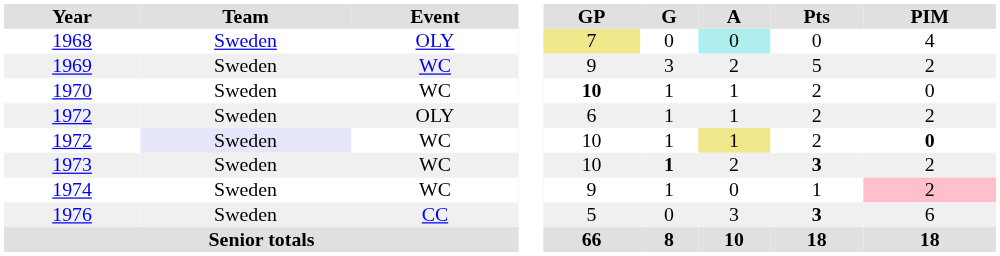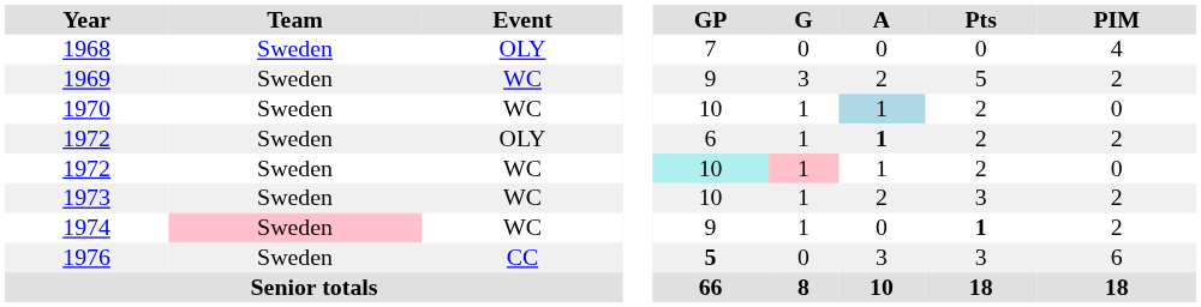 <table border="0" cellpadding="1" cellspacing="0" style="text-align:center; width:50em">
 <tr style="text-align:center; background:#e0e0e0;">
 <th>Year</th>
 <th>Team</th>
 <th>Event</th>
 <th rowspan="99" style="background:#fff;"> </th>
 <th>GP</th>
 <th>G</th>
 <th>A</th>
 <th>Pts</th>
 <th>PIM</th>
 </tr>
 <tr>
 <td><a href='#'>1968</a></td>
 <td><a href='#'>Sweden</a></td>
 <td><a href='#'>OLY</a></td>
-<td style="background: khaki;">7</td>
+<td>7</td>
 <td>0</td>
-<td style="background: paleturquoise;">0</td>
+<td>0</td>
 <td>0</td>
 <td>4</td>
 </tr>
 <tr style="background:#f0f0f0;">
 <td><a href='#'>1969</a></td>
 <td>Sweden</td>
 <td><a href='#'>WC</a></td>
 <td>9</td>
 <td>3</td>
 <td>2</td>
 <td>5</td>
 <td>2</td>
 </tr>
 <tr>
 <td><a href='#'>1970</a></td>
 <td>Sweden</td>
 <td>WC</td>
-<td><strong>10</strong></td>
+<td>10</td>
 <td>1</td>
-<td>1</td>
+<td style="background: lightblue;">1</td>
 <td>2</td>
 <td>0</td>
 </tr>
 <tr style="background:#f0f0f0;">
 <td><a href='#'>1972</a></td>
 <td>Sweden</td>
 <td>OLY</td>
 <td>6</td>
 <td>1</td>
-<td>1</td>
+<td><strong>1</strong></td>
 <td>2</td>
 <td>2</td>
 </tr>
 <tr>
 <td><a href='#'>1972</a></td>
-<td style="background: lavender;">Sweden</td>
+<td>Sweden</td>
 <td>WC</td>
-<td>10</td>
+<td style="background: paleturquoise;">10</td>
+<td style="background: pink;">1</td>
 <td>1</td>
-<td style="background: khaki;">1</td>
 <td>2</td>
-<td><strong>0</strong></td>
+<td>0</td>
 </tr>
 <tr style="background:#f0f0f0;">
 <td><a href='#'>1973</a></td>
 <td>Sweden</td>
 <td>WC</td>
 <td>10</td>
-<td><strong>1</strong></td>
+<td>1</td>
 <td>2</td>
-<td><strong>3</strong></td>
+<td>3</td>
 <td>2</td>
 </tr>
 <tr>
 <td><a href='#'>1974</a></td>
-<td>Sweden</td>
+<td style="background: pink;">Sweden</td>
 <td>WC</td>
 <td>9</td>
 <td>1</td>
 <td>0</td>
-<td>1</td>
-<td style="background: pink;">2</td>
+<td><strong>1</strong></td>
+<td>2</td>
 </tr>
 <tr style="background:#f0f0f0;">
 <td><a href='#'>1976</a></td>
 <td>Sweden</td>
 <td><a href='#'>CC</a></td>
-<td>5</td>
+<td><strong>5</strong></td>
 <td>0</td>
 <td>3</td>
-<td><strong>3</strong></td>
+<td>3</td>
 <td>6</td>
 </tr>
 <tr style="background:#e0e0e0;">
 <th colspan=3>Senior totals</th>
 <th>66</th>
 <th>8</th>
 <th>10</th>
 <th>18</th>
 <th>18</th>
 </tr>
 </table>
